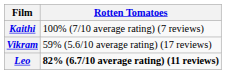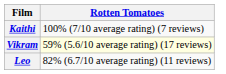 <table class="wikitable">
 <tr>
 <th>Film</th>
 <th><a href='#'>Rotten Tomatoes</a></th>
 </tr>
 <tr>
 <th><em><a href='#'>Kaithi</a></em></th>
 <td>100% (7/10 average rating) (7 reviews)</td>
 </tr>
 <tr>
 <th><em><a href='#'>Vikram</a></em></th>
-<td>59% (5.6/10 average rating) (17 reviews)</td>
+<td style="background: lightyellow;">59% (5.6/10 average rating) (17 reviews)</td>
 </tr>
 <tr>
 <th><strong><em><a href='#'>Leo</a></em></strong></th>
-<td><strong>82% (6.7/10 average rating) (11 reviews)</strong></td>
+<td>82% (6.7/10 average rating) (11 reviews)</td>
 </tr>
 </table>
